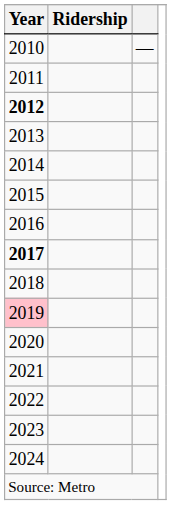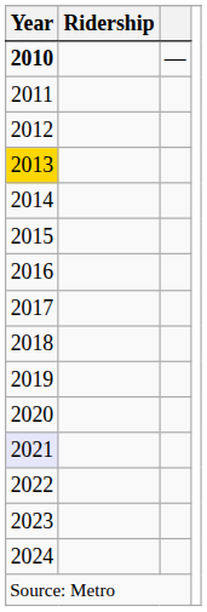 <table class="wikitable" style="border-spacing: 1px; text-align:center; font-size:95%;">
 <tr>
 </tr>
 <tr>
 <th style="border-bottom:1px solid black">Year</th>
 <th style="border-bottom:1px solid black">Ridership</th>
 <th style="border-bottom:1px solid black"></th>
 <th rowspan="18" style="background:#fff;"></th>
 </tr>
 <tr>
-<td>2010</td>
+<td><strong>2010</strong></td>
 <td></td>
 <td>—</td>
 </tr>
 <tr>
 <td>2011</td>
 <td></td>
 <td></td>
 </tr>
 <tr>
-<td><strong>2012</strong></td>
+<td>2012</td>
 <td></td>
 <td></td>
 </tr>
 <tr>
-<td>2013</td>
+<td style="background: gold;">2013</td>
 <td></td>
 <td></td>
 </tr>
 <tr>
 <td>2014</td>
 <td></td>
 <td></td>
 </tr>
 <tr>
 <td>2015</td>
 <td></td>
 <td></td>
 </tr>
 <tr>
 <td>2016</td>
 <td></td>
 <td></td>
 </tr>
 <tr>
-<td><strong>2017</strong></td>
+<td>2017</td>
 <td></td>
 <td></td>
 </tr>
 <tr>
 <td>2018</td>
 <td></td>
 <td></td>
 </tr>
 <tr>
-<td style="background: pink;">2019</td>
+<td>2019</td>
 <td></td>
 <td></td>
 </tr>
 <tr>
 <td>2020</td>
 <td></td>
 <td></td>
 </tr>
 <tr>
-<td>2021</td>
+<td style="background: lavender;">2021</td>
 <td></td>
 <td></td>
 </tr>
 <tr>
 <td>2022</td>
 <td></td>
 <td></td>
 </tr>
 <tr>
 <td>2023</td>
 <td></td>
 <td></td>
 </tr>
 <tr>
 <td>2024</td>
 <td></td>
 <td></td>
 </tr>
 <tr>
 <td colspan="3" style="border-top:1px solid black; font-size:85%; text-align:left">Source: Metro</td>
 </tr>
 </table>
